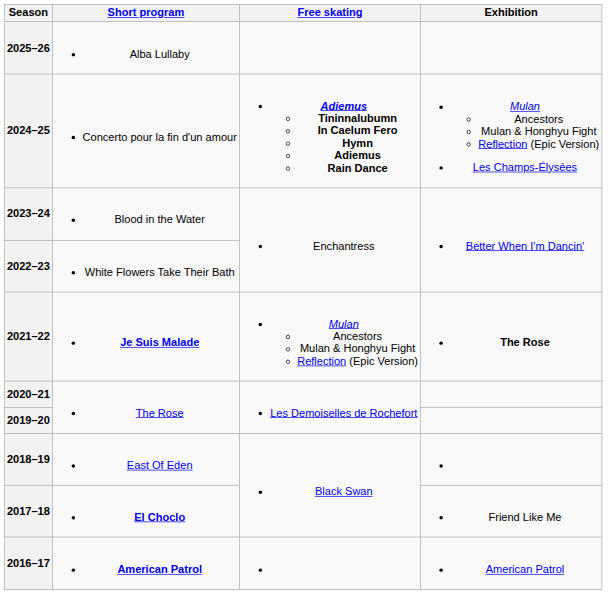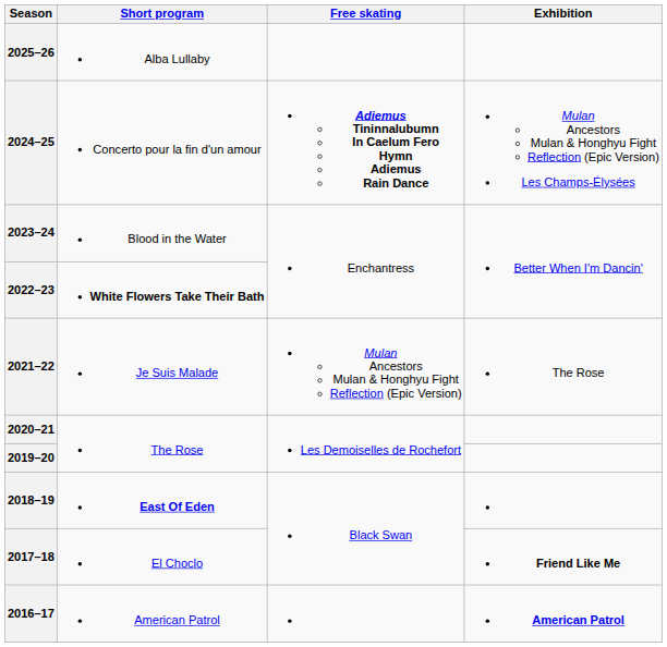 <table class=wikitable style=text-align:center>
 <tr>
 <th>Season</th>
 <th><a href='#'>Short program</a></th>
 <th><a href='#'>Free skating</a></th>
 <th>Exhibition</th>
 </tr>
 <tr>
 <th>2025–26 <br> </th>
 <td><br><ul><li>Alba Lullaby <br> </li></ul></td>
 <td></td>
 <td></td>
 </tr>
 <tr>
 <th>2024–25 <br> </th>
 <td><br><ul><li>Concerto pour la fin d'un amour <br> </li></ul></td>
 <td><strong><br><ul><li><em><a href='#'>Adiemus</a></em><ul><li>Tininnalubumn</li><li>In Caelum Fero</li><li>Hymn</li><li>Adiemus</li><li>Rain Dance <br> </li></ul></li></ul></strong></td>
 <td><br><ul><li><em><a href='#'>Mulan</a></em><ul><li>Ancestors</li><li>Mulan & Honghyu Fight <br> </li><li><a href='#'>Reflection</a> (Epic Version) <br> </li></ul></li></ul><ul><li><a href='#'>Les Champs-Élysées</a> <br> </li></ul></td>
 </tr>
 <tr>
 <th>2023–24 <br> </th>
 <td><br><ul><li>Blood in the Water <br> </li></ul></td>
 <td rowspan=2><br><ul><li>Enchantress <br> </li></ul></td>
 <td rowspan=2><br><ul><li><a href='#'>Better When I'm Dancin'</a><br></li></ul></td>
 </tr>
 <tr>
 <th>2022–23 <br> </th>
-<td><br><ul><li>White Flowers Take Their Bath <br> </li></ul></td>
+<td><strong><br><ul><li>White Flowers Take Their Bath <br> </li></ul></strong></td>
 </tr>
 <tr>
 <th>2021–22 <br> </th>
-<td><strong><br><ul><li><a href='#'>Je Suis Malade</a> <br> </li></ul></strong></td>
+<td><br><ul><li><a href='#'>Je Suis Malade</a> <br> </li></ul></td>
 <td><br><ul><li><em><a href='#'>Mulan</a></em><ul><li>Ancestors</li><li>Mulan & Honghyu Fight <br> </li><li><a href='#'>Reflection</a> (Epic Version) <br> </li></ul></li></ul></td>
-<td><strong><br><ul><li>The Rose <br> </li></ul></strong></td>
+<td><br><ul><li>The Rose <br> </li></ul></td>
 </tr>
 <tr>
 <th>2020–21 <br> </th>
 <td rowspan=2><br><ul><li><a href='#'>The Rose</a> <br> </li></ul></td>
 <td rowspan=2><br><ul><li><a href='#'>Les Demoiselles de Rochefort</a> <br> </li></ul></td>
 <td></td>
 </tr>
 <tr>
 <th>2019–20 <br> </th>
 <td></td>
 </tr>
 <tr>
 <th>2018–19 <br> </th>
-<td><br><ul><li><a href='#'>East Of Eden</a> <br> </li></ul></td>
+<td><strong><br><ul><li><a href='#'>East Of Eden</a> <br> </li></ul></strong></td>
 <td rowspan=2><br><ul><li><a href='#'>Black Swan</a> <br> </li></ul></td>
 <td><br><ul><li></li></ul></td>
 </tr>
 <tr>
 <th>2017–18 <br> </th>
-<td><strong><br><ul><li><a href='#'>El Choclo</a> <br> </li></ul></strong></td>
-<td><br><ul><li>Friend Like Me</li></ul></td>
+<td><br><ul><li><a href='#'>El Choclo</a> <br> </li></ul></td>
+<td><strong><br><ul><li>Friend Like Me</li></ul></strong></td>
 </tr>
 <tr>
 <th>2016–17</th>
+<td><br><ul><li><a href='#'>American Patrol</a> <br> </li></ul></td>
+<td><br><ul><li></li></ul></td>
 <td><strong><br><ul><li><a href='#'>American Patrol</a> <br> </li></ul></strong></td>
-<td><br><ul><li></li></ul></td>
-<td><br><ul><li><a href='#'>American Patrol</a> <br> </li></ul></td>
 </tr>
 </table>
